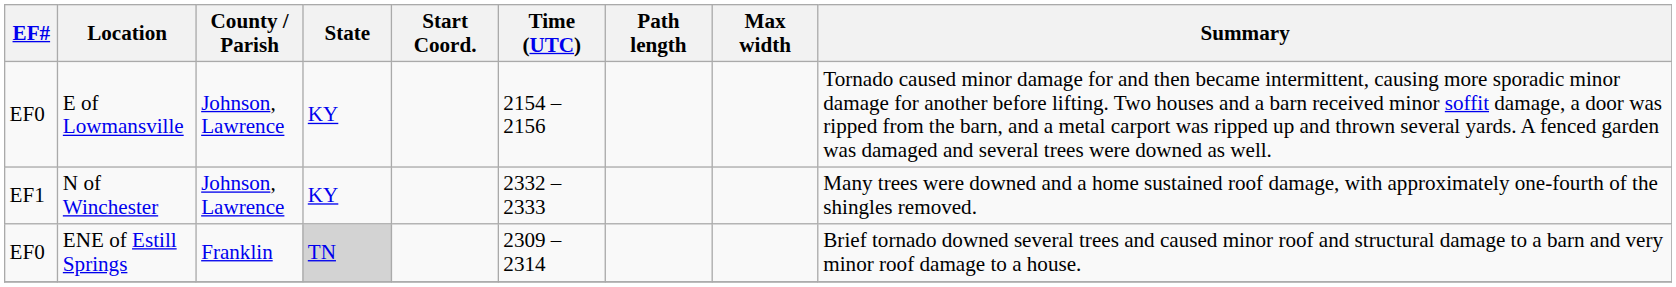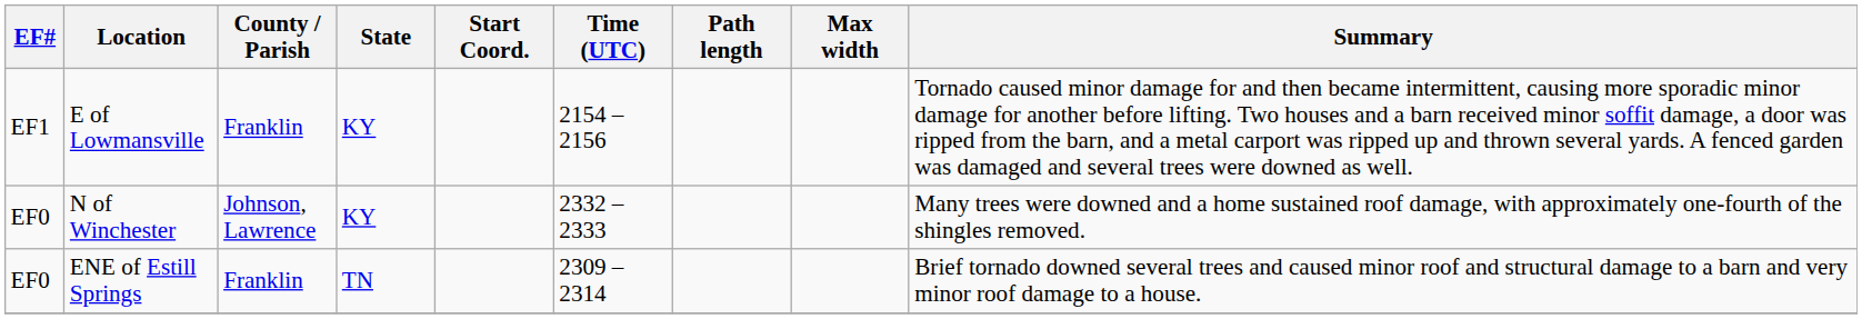 <table class="wikitable sortable" style="width:100%;">
 <tr>
 <th scope="col" width="3%" align="center"><a href='#'>EF#</a></th>
 <th scope="col" width="7%" align="center" class="unsortable">Location</th>
 <th scope="col" width="6%" align="center" class="unsortable">County / Parish</th>
 <th scope="col" width="5%" align="center">State</th>
 <th scope="col" width="6%" align="center">Start Coord.</th>
 <th scope="col" width="6%" align="center">Time (<a href='#'>UTC</a>)</th>
 <th scope="col" width="6%" align="center">Path length</th>
 <th scope="col" width="6%" align="center">Max width</th>
 <th scope="col" width="48%" class="unsortable" align="center">Summary</th>
 </tr>
 <tr>
-<td>EF0</td>
+<td>EF1</td>
 <td>E of <a href='#'>Lowmansville</a></td>
-<td><a href='#'>Johnson</a>, <a href='#'>Lawrence</a></td>
+<td><a href='#'>Franklin</a></td>
 <td><a href='#'>KY</a></td>
 <td></td>
 <td>2154 – 2156</td>
 <td></td>
 <td></td>
 <td>Tornado caused minor damage for  and then became intermittent, causing more sporadic minor damage for another  before lifting. Two houses and a barn received minor <a href='#'>soffit</a> damage, a door was ripped from the barn, and a metal carport was ripped up and thrown several yards. A fenced garden was damaged and several trees were downed as well.</td>
 </tr>
 <tr>
-<td>EF1</td>
+<td>EF0</td>
 <td>N of <a href='#'>Winchester</a></td>
 <td><a href='#'>Johnson</a>, <a href='#'>Lawrence</a></td>
 <td><a href='#'>KY</a></td>
 <td></td>
 <td>2332 – 2333</td>
 <td></td>
 <td></td>
 <td>Many trees were downed and a home sustained roof damage, with approximately one-fourth of the shingles removed.</td>
 </tr>
 <tr>
 <td>EF0</td>
 <td>ENE of <a href='#'>Estill Springs</a></td>
 <td><a href='#'>Franklin</a></td>
-<td style="background: lightgrey;"><a href='#'>TN</a></td>
+<td><a href='#'>TN</a></td>
 <td></td>
 <td>2309 – 2314</td>
 <td></td>
 <td></td>
 <td>Brief tornado downed several trees and caused minor roof and structural damage to a barn and very minor roof damage to a house.</td>
 </tr>
 <tr>
 </tr>
 </table>
